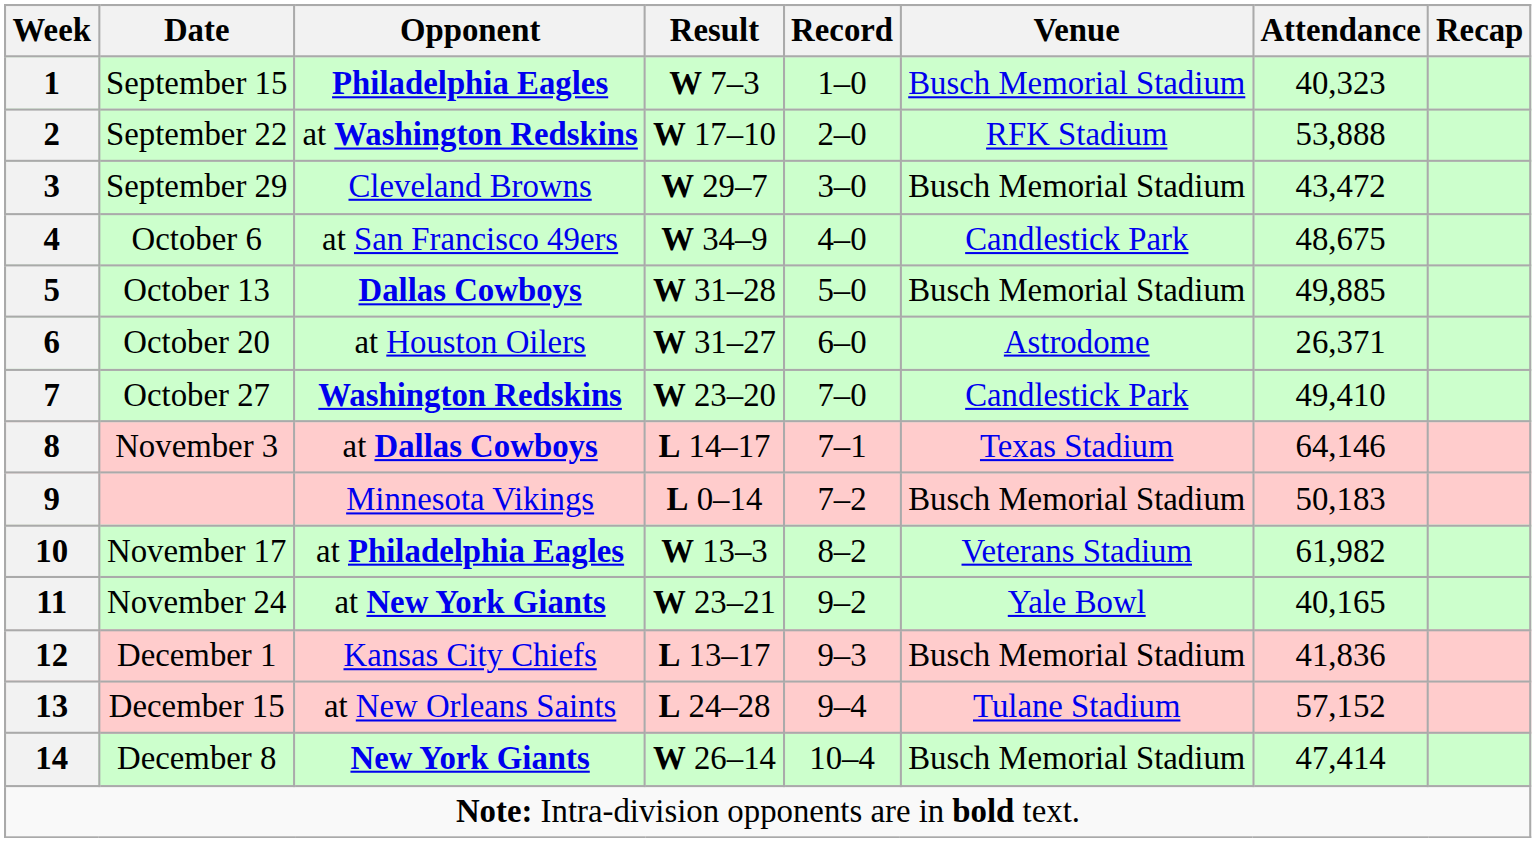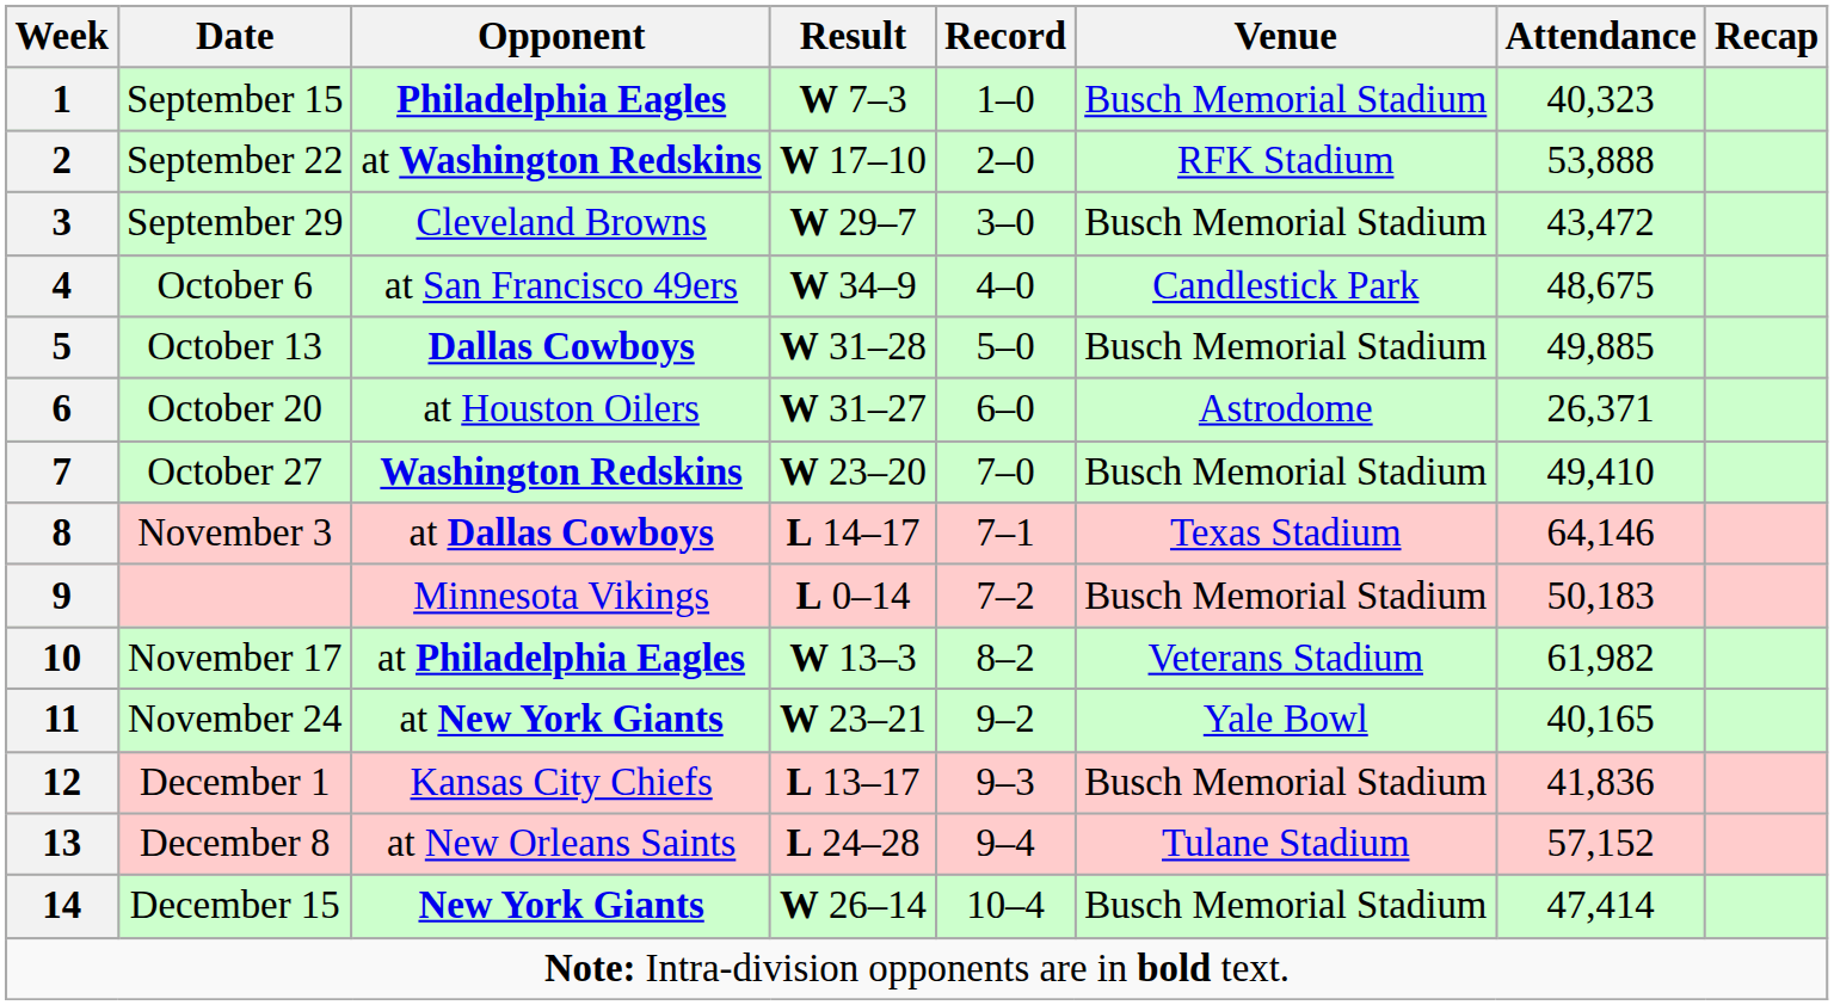 <table class="wikitable" style="text-align:center">
 <tr>
 <th>Week</th>
 <th>Date</th>
 <th>Opponent</th>
 <th>Result</th>
 <th>Record</th>
 <th>Venue</th>
 <th>Attendance</th>
 <th>Recap</th>
 </tr>
 <tr style="background:#cfc">
 <th>1</th>
 <td>September 15</td>
 <td><strong><a href='#'>Philadelphia Eagles</a></strong></td>
 <td><strong>W</strong> 7–3</td>
 <td>1–0</td>
 <td><a href='#'>Busch Memorial Stadium</a></td>
 <td>40,323</td>
 <td></td>
 </tr>
 <tr style="background:#cfc">
 <th>2</th>
 <td>September 22</td>
 <td>at <strong><a href='#'>Washington Redskins</a></strong></td>
 <td><strong>W</strong> 17–10</td>
 <td>2–0</td>
 <td><a href='#'>RFK Stadium</a></td>
 <td>53,888</td>
 <td></td>
 </tr>
 <tr style="background:#cfc">
 <th>3</th>
 <td>September 29</td>
 <td><a href='#'>Cleveland Browns</a></td>
 <td><strong>W</strong> 29–7</td>
 <td>3–0</td>
 <td>Busch Memorial Stadium</td>
 <td>43,472</td>
 <td></td>
 </tr>
 <tr style="background:#cfc">
 <th>4</th>
 <td>October 6</td>
 <td>at <a href='#'>San Francisco 49ers</a></td>
 <td><strong>W</strong> 34–9</td>
 <td>4–0</td>
 <td><a href='#'>Candlestick Park</a></td>
 <td>48,675</td>
 <td></td>
 </tr>
 <tr style="background:#cfc">
 <th>5</th>
 <td>October 13</td>
 <td><strong><a href='#'>Dallas Cowboys</a></strong></td>
 <td><strong>W</strong> 31–28</td>
 <td>5–0</td>
 <td>Busch Memorial Stadium</td>
 <td>49,885</td>
 <td></td>
 </tr>
 <tr style="background:#cfc">
 <th>6</th>
 <td>October 20</td>
 <td>at <a href='#'>Houston Oilers</a></td>
 <td><strong>W</strong> 31–27</td>
 <td>6–0</td>
 <td><a href='#'>Astrodome</a></td>
 <td>26,371</td>
 <td></td>
 </tr>
 <tr style="background:#cfc">
 <th>7</th>
 <td>October 27</td>
 <td><strong><a href='#'>Washington Redskins</a></strong></td>
 <td><strong>W</strong> 23–20</td>
 <td>7–0</td>
-<td><a href='#'>Candlestick Park</a></td>
+<td>Busch Memorial Stadium</td>
 <td>49,410</td>
 <td></td>
 </tr>
 <tr style="background:#fcc">
 <th>8</th>
 <td>November 3</td>
 <td>at <strong><a href='#'>Dallas Cowboys</a></strong></td>
 <td><strong>L</strong> 14–17</td>
 <td>7–1</td>
 <td><a href='#'>Texas Stadium</a></td>
 <td>64,146</td>
 <td></td>
 </tr>
 <tr style="background:#fcc">
 <th>9</th>
 <td></td>
 <td><a href='#'>Minnesota Vikings</a></td>
 <td><strong>L</strong> 0–14</td>
 <td>7–2</td>
 <td>Busch Memorial Stadium</td>
 <td>50,183</td>
 <td></td>
 </tr>
 <tr style="background:#cfc">
 <th>10</th>
 <td>November 17</td>
 <td>at <strong><a href='#'>Philadelphia Eagles</a></strong></td>
 <td><strong>W</strong> 13–3</td>
 <td>8–2</td>
 <td><a href='#'>Veterans Stadium</a></td>
 <td>61,982</td>
 <td></td>
 </tr>
 <tr style="background:#cfc">
 <th>11</th>
 <td>November 24</td>
 <td>at <strong><a href='#'>New York Giants</a></strong></td>
 <td><strong>W</strong> 23–21</td>
 <td>9–2</td>
 <td><a href='#'>Yale Bowl</a></td>
 <td>40,165</td>
 <td></td>
 </tr>
 <tr style="background:#fcc">
 <th>12</th>
 <td>December 1</td>
 <td><a href='#'>Kansas City Chiefs</a></td>
 <td><strong>L</strong> 13–17</td>
 <td>9–3</td>
 <td>Busch Memorial Stadium</td>
 <td>41,836</td>
 <td></td>
 </tr>
 <tr style="background:#fcc">
 <th>13</th>
-<td>December 15</td>
+<td>December 8</td>
 <td>at <a href='#'>New Orleans Saints</a></td>
 <td><strong>L</strong> 24–28</td>
 <td>9–4</td>
 <td><a href='#'>Tulane Stadium</a></td>
 <td>57,152</td>
 <td></td>
 </tr>
 <tr style="background:#cfc">
 <th>14</th>
-<td>December 8</td>
+<td>December 15</td>
 <td><strong><a href='#'>New York Giants</a></strong></td>
 <td><strong>W</strong> 26–14</td>
 <td>10–4</td>
 <td>Busch Memorial Stadium</td>
 <td>47,414</td>
 <td></td>
 </tr>
 <tr>
 <td colspan="8"><strong>Note:</strong> Intra-division opponents are in <strong>bold</strong> text.</td>
 </tr>
 </table>
